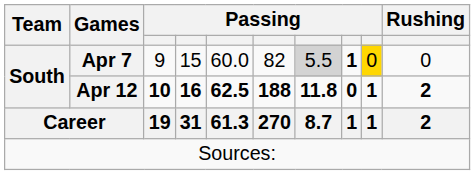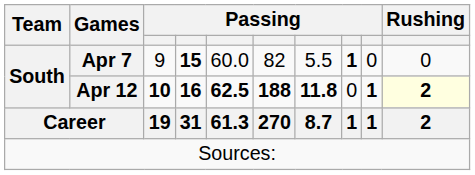 <table class="wikitable" style="text-align:center;">
 <tr>
 <th rowspan="2">Team</th>
 <th rowspan="2">Games</th>
 <th colspan="7">Passing</th>
 <th colspan="1">Rushing</th>
 </tr>
 <tr>
 <th></th>
 <th></th>
 <th></th>
 <th></th>
 <th></th>
 <th></th>
 <th></th>
 <th></th>
 </tr>
 <tr>
 <th rowspan="2">South</th>
 <th>Apr 7</th>
 <td>9</td>
-<td>15</td>
+<td><strong>15</strong></td>
 <td>60.0</td>
 <td>82</td>
-<td style="background: lightgrey;">5.5</td>
+<td>5.5</td>
 <td><strong>1</strong></td>
-<td style="background: gold;">0</td>
+<td>0</td>
 <td>0</td>
 </tr>
 <tr>
 <th>Apr 12</th>
 <td><strong>10</strong></td>
 <td><strong>16</strong></td>
 <td><strong>62.5</strong></td>
 <td><strong>188</strong></td>
 <td><strong>11.8</strong></td>
-<td><strong>0</strong></td>
+<td>0</td>
 <td><strong>1</strong></td>
-<td><strong>2</strong></td>
+<td style="background: lightyellow;"><strong>2</strong></td>
 </tr>
 <tr>
 <th colspan="2">Career</th>
 <th>19</th>
 <th>31</th>
 <th>61.3</th>
 <th>270</th>
 <th>8.7</th>
 <th>1</th>
 <th>1</th>
 <th>2</th>
 </tr>
 <tr>
 <td colspan="11">Sources:</td>
 </tr>
 </table>
